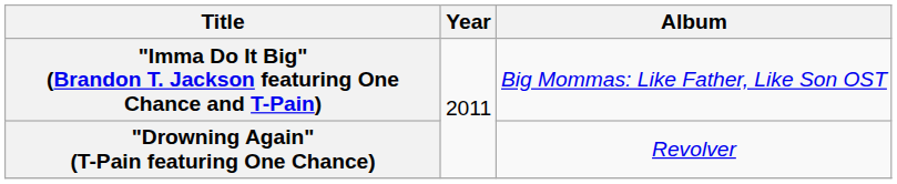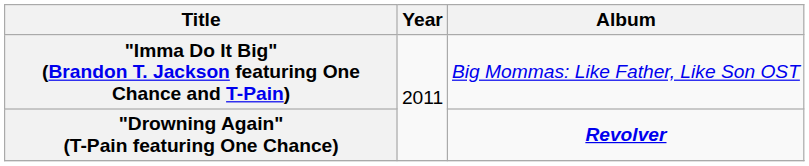 <table class="wikitable plainrowheaders" style="text-align:center;" border="1">
 <tr>
 <th scope="col" rowspan="1" style="width:20em;">Title</th>
 <th scope="col" rowspan="1">Year</th>
 <th scope="col" rowspan="1">Album</th>
 </tr>
 <tr>
 <th scope="row">"Imma Do It Big"<br><span>(<a href='#'>Brandon T. Jackson</a> featuring One Chance and <a href='#'>T-Pain</a>)</span></th>
 <td rowspan="2">2011</td>
 <td><em><a href='#'>Big Mommas: Like Father, Like Son OST</a></em></td>
 </tr>
 <tr>
 <th scope="row">"Drowning Again"<br><span>(T-Pain featuring One Chance)</span></th>
-<td><em><a href='#'>Revolver</a></em></td>
+<td><strong><em><a href='#'>Revolver</a></em></strong></td>
 </tr>
 <tr>
 </tr>
 </table>
